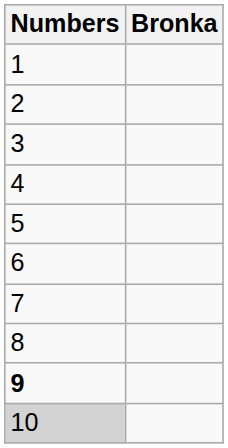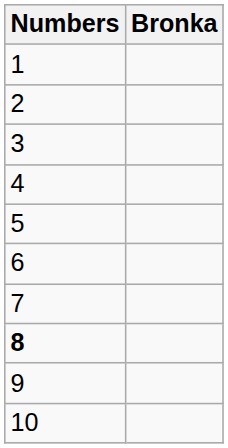 <table class="wikitable">
 <tr>
 <th>Numbers</th>
 <th>Bronka</th>
 </tr>
 <tr>
 <td>1</td>
 <td></td>
 </tr>
 <tr>
 <td>2</td>
 <td></td>
 </tr>
 <tr>
 <td>3</td>
 <td></td>
 </tr>
 <tr>
 <td>4</td>
 <td></td>
 </tr>
 <tr>
 <td>5</td>
 <td></td>
 </tr>
 <tr>
 <td>6</td>
 <td></td>
 </tr>
 <tr>
 <td>7</td>
 <td></td>
 </tr>
 <tr>
-<td>8</td>
+<td><strong>8</strong></td>
 <td></td>
 </tr>
 <tr>
-<td><strong>9</strong></td>
+<td>9</td>
 <td></td>
 </tr>
 <tr>
-<td style="background: lightgrey;">10</td>
+<td>10</td>
 <td></td>
 </tr>
 </table>
